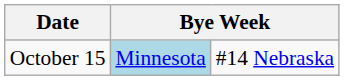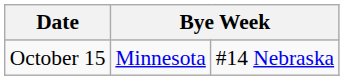 <table class="wikitable" style="font-size:95%;">
 <tr>
 <th>Date</th>
 <th colspan="2">Bye Week</th>
 </tr>
 <tr>
 <td>October 15</td>
-<td style="background: lightblue;"><a href='#'>Minnesota</a></td>
+<td><a href='#'>Minnesota</a></td>
 <td>#14 <a href='#'>Nebraska</a></td>
 </tr>
 </table>
